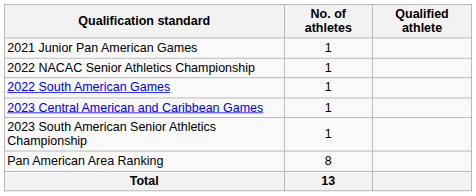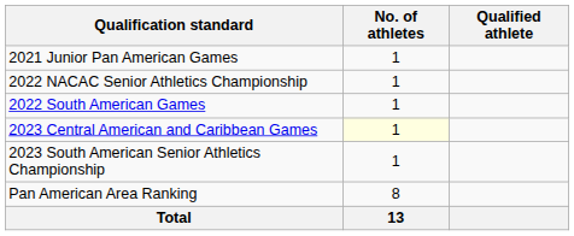 <table class="wikitable" style="text-align:left; width:600px;">
 <tr>
 <th>Qualification standard</th>
 <th>No. of athletes</th>
 <th>Qualified athlete</th>
 </tr>
 <tr>
 <td>2021 Junior Pan American Games</td>
 <td align=center>1</td>
 <td></td>
 </tr>
 <tr>
 <td>2022 NACAC Senior Athletics Championship</td>
 <td align=center>1</td>
 <td></td>
 </tr>
 <tr>
 <td><a href='#'>2022 South American Games</a></td>
 <td align=center>1</td>
 <td></td>
 </tr>
 <tr>
 <td><a href='#'>2023 Central American and Caribbean Games</a></td>
-<td align=center>1</td>
+<td align=center style="background: lightyellow;">1</td>
 <td></td>
 </tr>
 <tr>
 <td>2023 South American Senior Athletics Championship</td>
 <td align=center>1</td>
 <td></td>
 </tr>
 <tr>
 <td>Pan American Area Ranking</td>
 <td align=center>8</td>
 <td></td>
 </tr>
 <tr>
 <th>Total</th>
 <th>13</th>
 <th colspan=2></th>
 </tr>
 </table>
